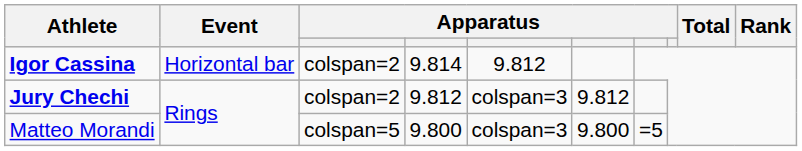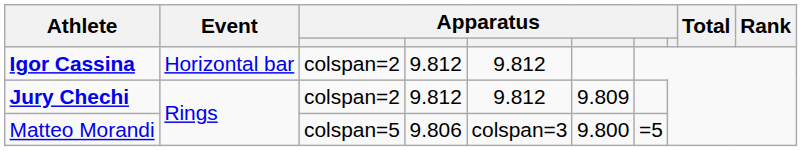 <table class="wikitable" style="font-size:90%">
 <tr>
 <th rowspan=2>Athlete</th>
 <th rowspan=2>Event</th>
 <th colspan =6>Apparatus</th>
 <th rowspan=2>Total</th>
 <th rowspan=2>Rank</th>
 </tr>
 <tr style="font-size:95%">
 <th></th>
 <th></th>
 <th></th>
 <th></th>
 <th></th>
 <th></th>
 </tr>
 <tr align=center>
 <td align=left><strong><a href='#'>Igor Cassina</a></strong></td>
 <td align=left><a href='#'>Horizontal bar</a></td>
 <td>colspan=2 </td>
-<td>9.814</td>
+<td>9.812</td>
 <td>9.812</td>
 <td></td>
 </tr>
 <tr align=center>
 <td align=left><strong><a href='#'>Jury Chechi</a></strong></td>
 <td align=left rowspan=2><a href='#'>Rings</a></td>
 <td>colspan=2 </td>
 <td>9.812</td>
-<td>colspan=3 </td>
 <td>9.812</td>
+<td>9.809</td>
 <td></td>
 </tr>
 <tr align=center>
 <td align=left><a href='#'>Matteo Morandi</a></td>
 <td>colspan=5 </td>
-<td>9.800</td>
+<td>9.806</td>
 <td>colspan=3 </td>
 <td>9.800</td>
 <td>=5</td>
 </tr>
 </table>
